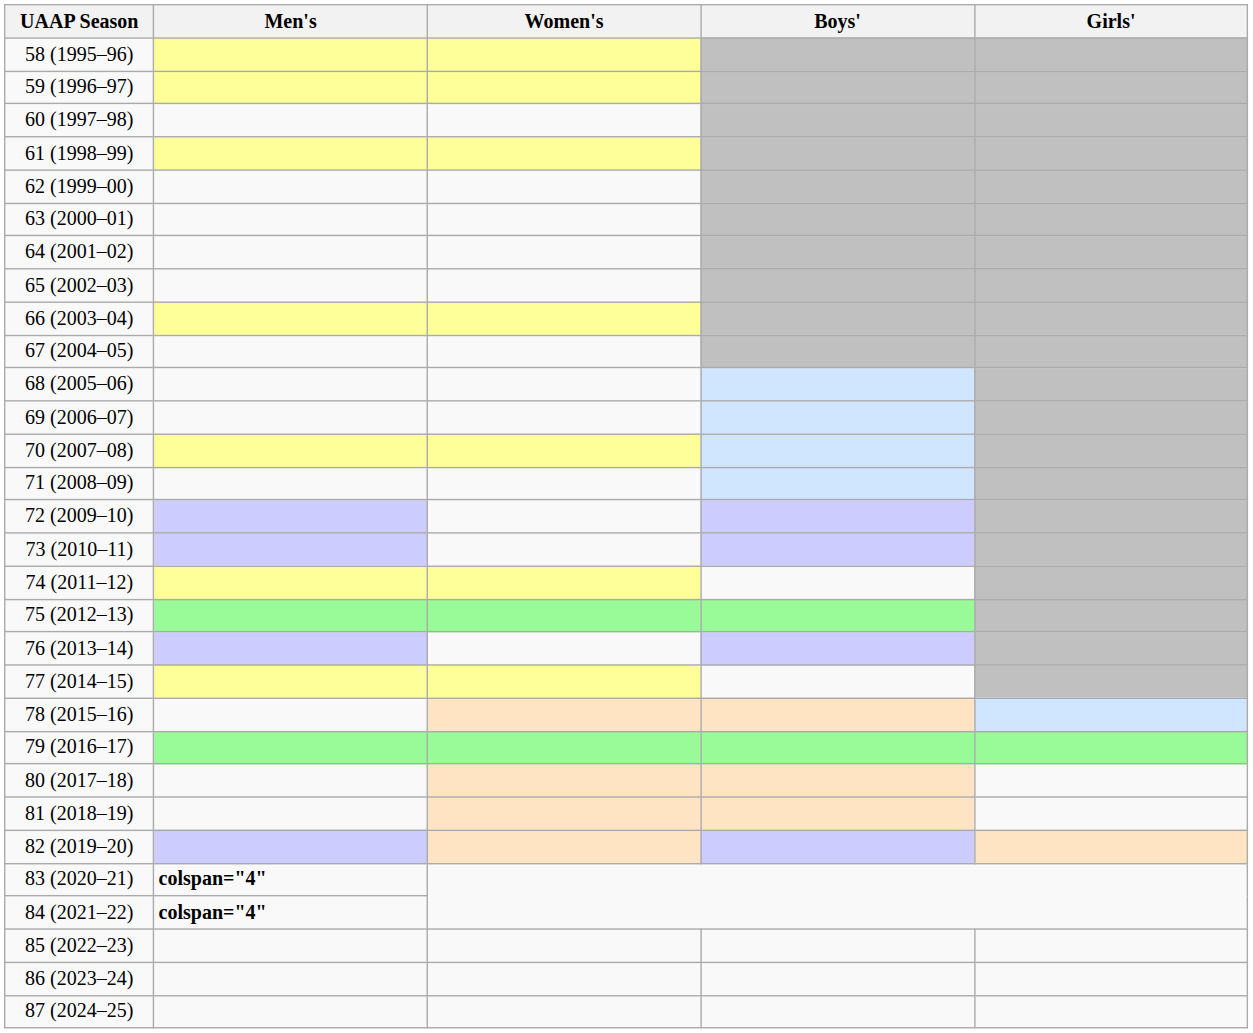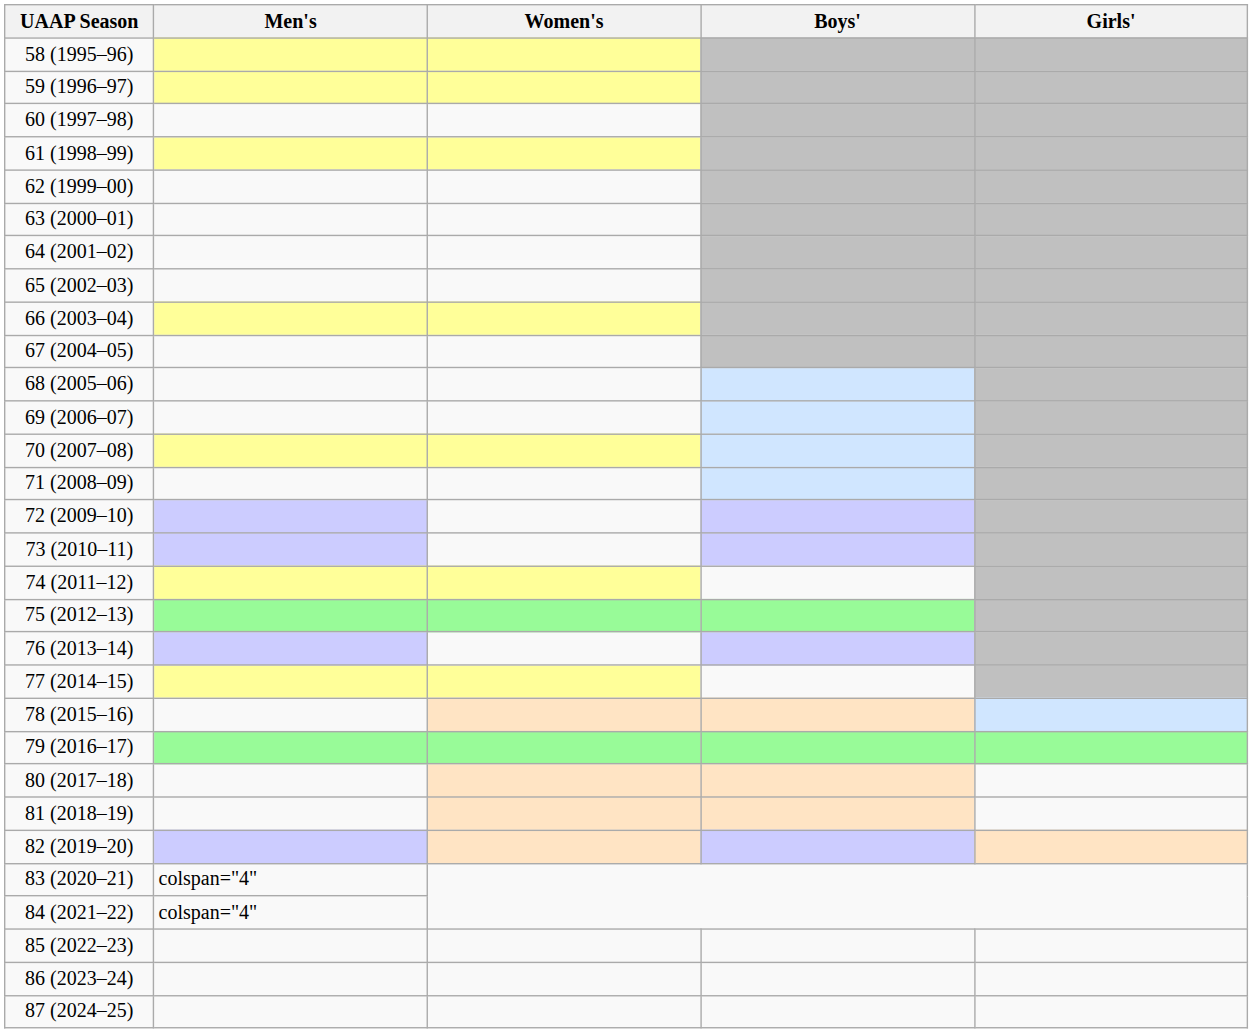 <table class="wikitable" style="font-size:90%;">
 <tr>
 <th width=12%><strong>UAAP Season</strong></th>
 <th width=190px><strong>Men's</strong></th>
 <th width=190px><strong>Women's</strong></th>
 <th width=190px><strong>Boys</strong>'</th>
 <th width=190px><strong>Girls</strong>'</th>
 </tr>
 <tr>
 <td align=center>58 (1995–96)</td>
 <td bgcolor=#FFFF99></td>
 <td bgcolor=#FFFF99></td>
 <td bgcolor=silver></td>
 <td bgcolor=silver></td>
 </tr>
 <tr>
 <td align=center>59 (1996–97)</td>
 <td bgcolor=#FFFF99></td>
 <td bgcolor=#FFFF99></td>
 <td bgcolor=silver></td>
 <td bgcolor=silver></td>
 </tr>
 <tr>
 <td align=center>60 (1997–98)</td>
 <td></td>
 <td></td>
 <td bgcolor=silver></td>
 <td bgcolor=silver></td>
 </tr>
 <tr>
 <td align=center>61 (1998–99)</td>
 <td bgcolor=#FFFF99></td>
 <td bgcolor=#FFFF99></td>
 <td bgcolor=silver></td>
 <td bgcolor=silver></td>
 </tr>
 <tr>
 <td align=center>62 (1999–00)</td>
 <td></td>
 <td></td>
 <td bgcolor=silver></td>
 <td bgcolor=silver></td>
 </tr>
 <tr>
 <td align=center>63 (2000–01)</td>
 <td></td>
 <td></td>
 <td bgcolor=silver></td>
 <td bgcolor=silver></td>
 </tr>
 <tr>
 <td align=center>64 (2001–02)</td>
 <td></td>
 <td></td>
 <td bgcolor=silver></td>
 <td bgcolor=silver></td>
 </tr>
 <tr>
 <td align=center>65 (2002–03)</td>
 <td></td>
 <td></td>
 <td bgcolor=silver></td>
 <td bgcolor=silver></td>
 </tr>
 <tr>
 <td align=center>66 (2003–04)</td>
 <td bgcolor=#FFFF99></td>
 <td bgcolor=#FFFF99></td>
 <td bgcolor=silver></td>
 <td bgcolor=silver></td>
 </tr>
 <tr>
 <td align=center>67 (2004–05)</td>
 <td></td>
 <td></td>
 <td bgcolor=silver></td>
 <td bgcolor=silver></td>
 </tr>
 <tr>
 <td align=center>68 (2005–06)</td>
 <td></td>
 <td></td>
 <td bgcolor="#D0E6FF"></td>
 <td bgcolor=silver></td>
 </tr>
 <tr>
 <td align=center>69 (2006–07)</td>
 <td></td>
 <td></td>
 <td bgcolor="#D0E6FF"></td>
 <td bgcolor=silver></td>
 </tr>
 <tr>
 <td align=center>70 (2007–08)</td>
 <td bgcolor=#FFFF99></td>
 <td bgcolor=#FFFF99></td>
 <td bgcolor="#D0E6FF"></td>
 <td bgcolor=silver></td>
 </tr>
 <tr>
 <td align=center>71 (2008–09)</td>
 <td></td>
 <td></td>
 <td bgcolor="#D0E6FF"></td>
 <td bgcolor=silver></td>
 </tr>
 <tr>
 <td align=center>72 (2009–10)</td>
 <td bgcolor=#CCCCFF></td>
 <td></td>
 <td bgcolor=#CCCCFF></td>
 <td bgcolor=silver></td>
 </tr>
 <tr>
 <td align=center>73 (2010–11)</td>
 <td bgcolor=#CCCCFF></td>
 <td></td>
 <td bgcolor=#CCCCFF></td>
 <td bgcolor=silver></td>
 </tr>
 <tr>
 <td align=center>74 (2011–12)</td>
 <td bgcolor=#FFFF99></td>
 <td bgcolor=#FFFF99></td>
 <td></td>
 <td bgcolor=silver></td>
 </tr>
 <tr>
 <td align=center>75 (2012–13)</td>
 <td bgcolor=#98FB98></td>
 <td bgcolor=#98FB98></td>
 <td bgcolor=#98FB98></td>
 <td bgcolor=silver></td>
 </tr>
 <tr>
 <td align=center>76 (2013–14)</td>
 <td bgcolor=#CCCCFF></td>
 <td></td>
 <td bgcolor=#CCCCFF></td>
 <td bgcolor=silver></td>
 </tr>
 <tr>
 <td align=center>77 (2014–15)</td>
 <td bgcolor=#FFFF99></td>
 <td bgcolor=#FFFF99></td>
 <td></td>
 <td bgcolor=silver></td>
 </tr>
 <tr>
 <td align=center>78 (2015–16)</td>
 <td></td>
 <td bgcolor=#FFE4C4></td>
 <td bgcolor=#FFE4C4></td>
 <td bgcolor="#D0E6FF"></td>
 </tr>
 <tr>
 <td align=center>79 (2016–17)</td>
 <td bgcolor=#98FB98></td>
 <td bgcolor=#98FB98></td>
 <td bgcolor=#98FB98></td>
 <td bgcolor=#98FB98></td>
 </tr>
 <tr>
 <td align=center>80 (2017–18)</td>
 <td><br></td>
 <td bgcolor=#FFE4C4></td>
 <td bgcolor=#FFE4C4></td>
 <td></td>
 </tr>
 <tr>
 <td align=center>81 (2018–19)</td>
 <td></td>
 <td bgcolor=#FFE4C4></td>
 <td bgcolor=#FFE4C4></td>
 <td></td>
 </tr>
 <tr>
 <td align=center>82 (2019–20)</td>
 <td bgcolor=#CCCCFF></td>
 <td bgcolor=#FFE4C4></td>
 <td bgcolor=#CCCCFF></td>
 <td bgcolor=#FFE4C4></td>
 </tr>
 <tr>
 <td align=center>83 (2020–21)</td>
-<td><strong>colspan="4" </strong></td>
+<td>colspan="4" </td>
 </tr>
 <tr>
 <td align=center>84 (2021–22)</td>
-<td><strong>colspan="4" </strong></td>
+<td>colspan="4" </td>
 </tr>
 <tr>
 <td align=center>85 (2022–23)</td>
 <td></td>
 <td></td>
 <td></td>
 <td></td>
 </tr>
 <tr>
 <td align=center>86 (2023–24)</td>
 <td></td>
 <td></td>
 <td></td>
 <td></td>
 </tr>
 <tr>
 <td align=center>87 (2024–25)</td>
 <td></td>
 <td></td>
 <td></td>
 <td></td>
 </tr>
 </table>
